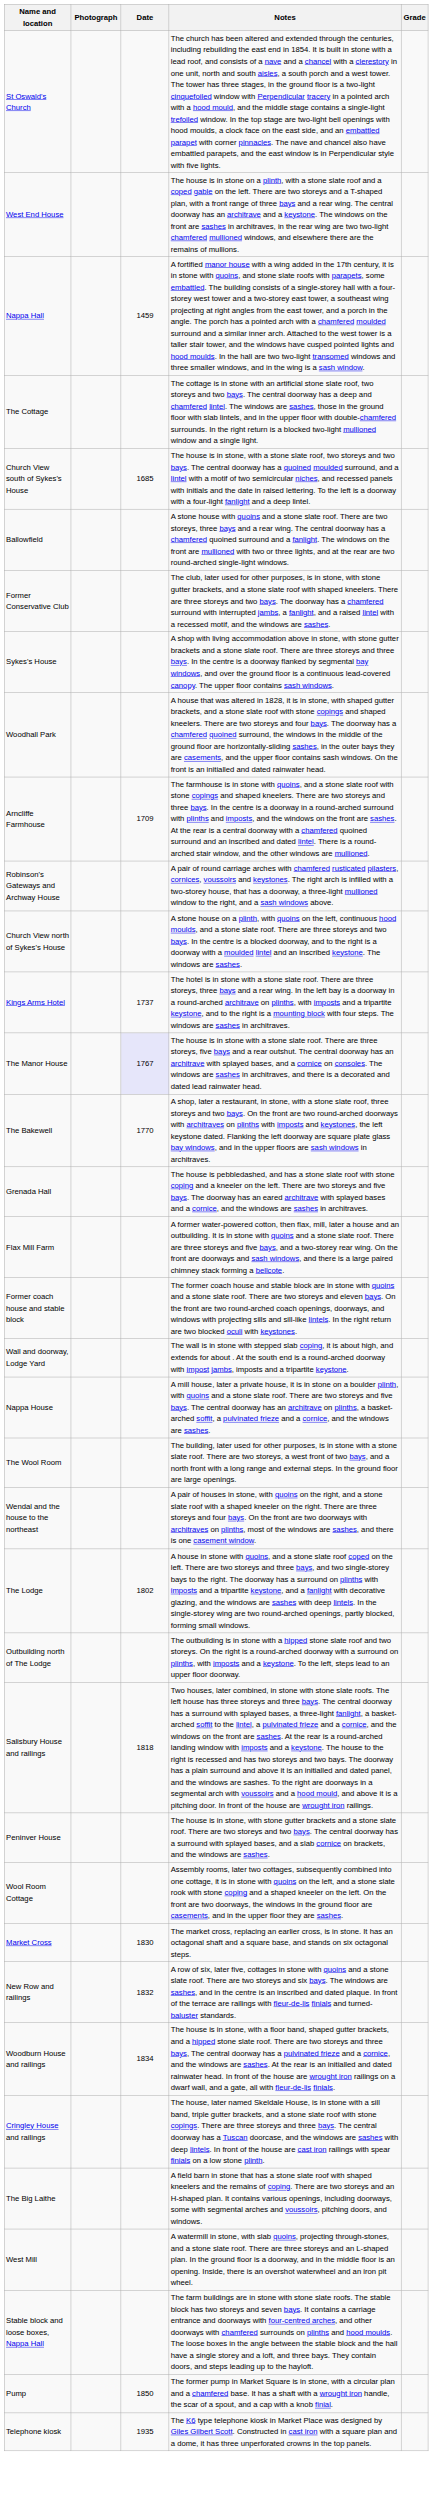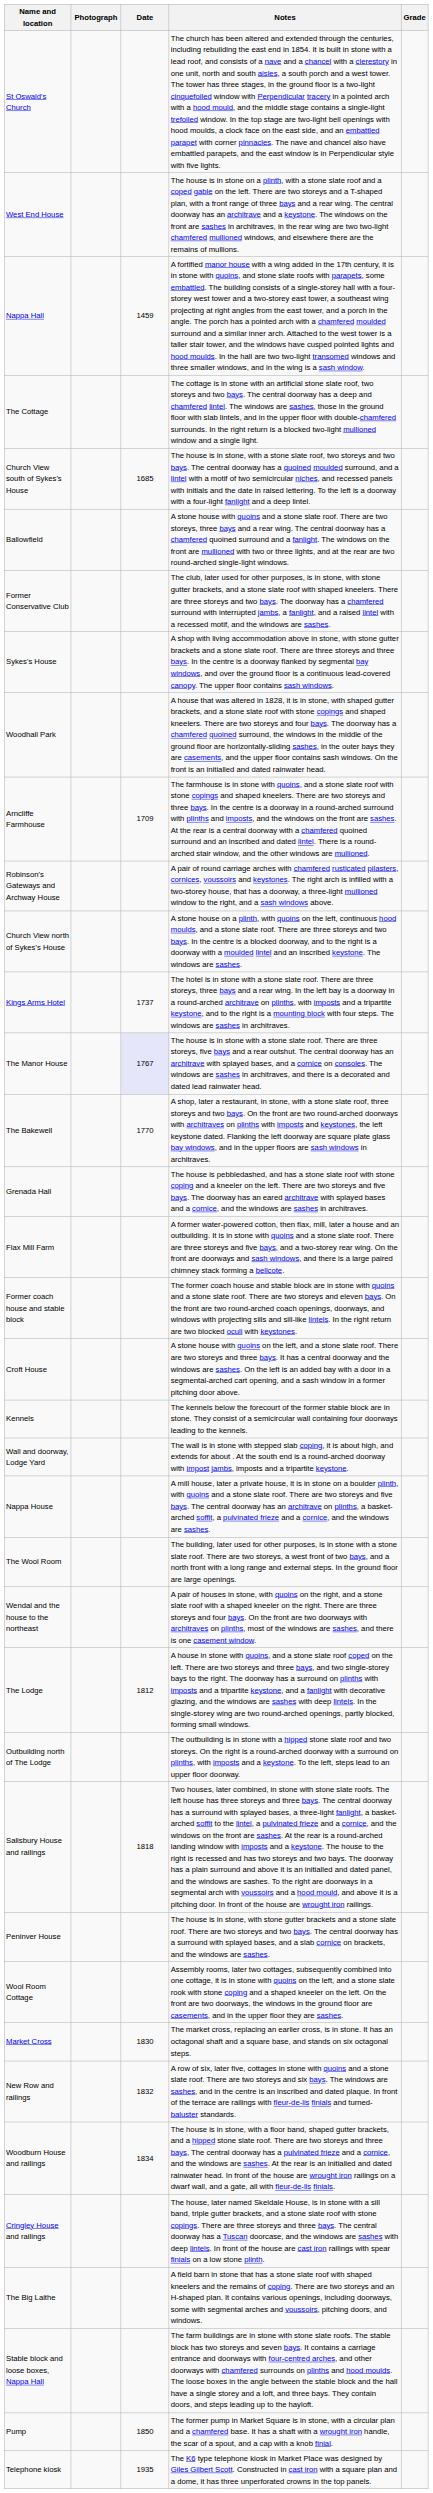 <table class="wikitable sortable plainrowheaders" style="width:100%; border:0px; text-align:left; line-height:150%">
 <tr>
 <th scope="col"  style="width:150px">Name and location</th>
 <th scope="col"  style="width:100px" class="unsortable">Photograph</th>
 <th scope="col"  style="width:120px">Date</th>
 <th scope="col"  style="width:650px" class="unsortable">Notes</th>
 <th scope="col"  style="width:50px">Grade</th>
 </tr>
 <tr>
 <td><a href='#'>St Oswald's Church</a><br><small></small></td>
 <td></td>
 <td align="center"></td>
 <td>The church has been altered and extended through the centuries, including rebuilding the east end in 1854.  It is built in stone with a lead roof, and consists of a <a href='#'>nave</a> and a <a href='#'>chancel</a> with a <a href='#'>clerestory</a> in one unit, north and south <a href='#'>aisles</a>, a south porch and a west tower.  The tower has three stages, in the ground floor is a two-light <a href='#'>cinquefoiled</a> window with <a href='#'>Perpendicular</a> <a href='#'>tracery</a> in a pointed arch with a <a href='#'>hood mould</a>, and the middle stage contains a single-light <a href='#'>trefoiled</a> window. In the top stage are two-light bell openings with hood moulds, a clock face on the east side, and an <a href='#'>embattled</a> <a href='#'>parapet</a> with corner <a href='#'>pinnacles</a>.  The nave and chancel also have embattled parapets, and the east window is in Perpendicular style with five lights.</td>
 <td align="center" ></td>
 </tr>
 <tr>
 <td><a href='#'>West End House</a><br><small></small></td>
 <td></td>
 <td align="center"></td>
 <td>The house is in stone on a <a href='#'>plinth</a>, with a stone slate roof and a <a href='#'>coped</a> <a href='#'>gable</a> on the left.  There are two storeys and a T-shaped plan, with a front range of three <a href='#'>bays</a> and a rear wing.  The central doorway has an <a href='#'>architrave</a> and a <a href='#'>keystone</a>.  The windows on the front are <a href='#'>sashes</a> in architraves, in the rear wing are two two-light <a href='#'>chamfered</a> <a href='#'>mullioned</a> windows, and elsewhere there are the remains of mullions.</td>
 <td align="center" ></td>
 </tr>
 <tr>
 <td><a href='#'>Nappa Hall</a><br><small></small></td>
 <td></td>
 <td align="center">1459</td>
 <td>A fortified <a href='#'>manor house</a> with a wing added in the  17th century, it is in stone with <a href='#'>quoins</a>, and stone slate roofs with <a href='#'>parapets</a>, some <a href='#'>embattled</a>.  The building consists of a single-storey hall with a four-storey west tower and a two-storey east tower, a southeast wing projecting at right angles from the east tower, and a porch in the angle.  The porch has a pointed arch with a <a href='#'>chamfered</a> <a href='#'>moulded</a> surround and a similar inner arch.  Attached to the west tower is a taller stair tower, and the windows have cusped pointed lights and <a href='#'>hood moulds</a>.  In the hall are two two-light <a href='#'>transomed</a> windows and three smaller windows, and in the wing is a <a href='#'>sash window</a>.</td>
 <td align="center" ></td>
 </tr>
 <tr>
 <td>The Cottage<br><small></small></td>
 <td></td>
 <td align="center"></td>
 <td>The cottage is in stone with an artificial stone slate roof, two storeys and two <a href='#'>bays</a>.  The central doorway has a deep and <a href='#'>chamfered</a> <a href='#'>lintel</a>.  The windows are <a href='#'>sashes</a>, those in the ground floor with slab lintels, and in the upper floor with double-<a href='#'>chamfered</a> surrounds.  In the right return is a blocked two-light <a href='#'>mullioned</a> window and a single light.</td>
 <td align="center" ></td>
 </tr>
 <tr>
 <td>Church View south of Sykes's House<br><small></small></td>
 <td></td>
 <td align="center">1685</td>
 <td>The house is in stone, with a stone slate roof, two storeys and two <a href='#'>bays</a>.  The central doorway has a <a href='#'>quoined</a> <a href='#'>moulded</a> surround, and a <a href='#'>lintel</a> with a motif of two semicircular <a href='#'>niches</a>, and recessed panels with initials and the date in raised lettering.  To the left is a doorway with a four-light <a href='#'>fanlight</a> and a deep lintel.</td>
 <td align="center" ></td>
 </tr>
 <tr>
 <td>Ballowfield<br><small></small></td>
 <td></td>
 <td align="center"></td>
 <td>A stone house with <a href='#'>quoins</a> and a stone slate roof.  There are two storeys, three <a href='#'>bays</a> and a rear wing.  The central doorway has a <a href='#'>chamfered</a> quoined surround and a <a href='#'>fanlight</a>.  The windows on the front are <a href='#'>mullioned</a> with two or three lights, and at the rear are two round-arched single-light windows.</td>
 <td align="center" ></td>
 </tr>
 <tr>
 <td>Former Conservative Club<br><small></small></td>
 <td></td>
 <td align="center"></td>
 <td>The club, later used for other purposes, is in stone, with stone gutter brackets, and a stone slate roof with shaped kneelers.  There are three storeys and two <a href='#'>bays</a>.  The doorway has a <a href='#'>chamfered</a> surround with interrupted <a href='#'>jambs</a>, a <a href='#'>fanlight</a>, and a raised <a href='#'>lintel</a> with a recessed motif, and the windows are <a href='#'>sashes</a>.</td>
 <td align="center" ></td>
 </tr>
 <tr>
 <td>Sykes's House<br><small></small></td>
 <td></td>
 <td align="center"></td>
 <td>A shop with living accommodation above in stone, with stone gutter brackets and a stone slate roof.  There are three storeys and three <a href='#'>bays</a>.  In the centre is a doorway flanked by segmental <a href='#'>bay windows</a>, and over the ground floor is a continuous lead-covered <a href='#'>canopy</a>.  The upper floor contains <a href='#'>sash windows</a>.</td>
 <td align="center" ></td>
 </tr>
 <tr>
 <td>Woodhall Park<br><small></small></td>
 <td></td>
 <td align="center"></td>
 <td>A house that was altered in 1828, it is in stone, with shaped gutter brackets, and a stone slate roof with stone <a href='#'>copings</a> and shaped kneelers.  There are two storeys and four <a href='#'>bays</a>.  The doorway has a <a href='#'>chamfered</a> <a href='#'>quoined</a> surround, the windows in the middle of the ground floor are horizontally-sliding <a href='#'>sashes</a>, in the outer bays they are <a href='#'>casements</a>, and the upper floor contains sash windows.  On the front is an initialled and dated rainwater head.</td>
 <td align="center" ></td>
 </tr>
 <tr>
 <td>Arncliffe Farmhouse<br><small></small></td>
 <td></td>
 <td align="center">1709</td>
 <td>The farmhouse is in stone with <a href='#'>quoins</a>, and a stone slate roof with stone <a href='#'>copings</a> and shaped kneelers.  There are two storeys and three <a href='#'>bays</a>.  In the centre is a doorway in a round-arched surround with <a href='#'>plinths</a> and <a href='#'>imposts</a>, and the windows on the front are <a href='#'>sashes</a>.  At the rear is a central doorway with a <a href='#'>chamfered</a> quoined surround and an inscribed and dated <a href='#'>lintel</a>.  There is a round-arched stair window, and the other windows are <a href='#'>mullioned</a>.</td>
 <td align="center" ></td>
 </tr>
 <tr>
 <td>Robinson's Gateways and Archway House<br><small></small></td>
 <td></td>
 <td align="center"></td>
 <td>A pair of round carriage arches with <a href='#'>chamfered</a> <a href='#'>rusticated</a> <a href='#'>pilasters</a>, <a href='#'>cornices</a>, <a href='#'>voussoirs</a> and <a href='#'>keystones</a>.  The right arch is infilled with a two-storey house, that has a doorway, a three-light <a href='#'>mullioned</a> window to the right, and a <a href='#'>sash windows</a> above.</td>
 <td align="center" ></td>
 </tr>
 <tr>
 <td>Church View north of Sykes's House<br><small></small></td>
 <td></td>
 <td align="center"></td>
 <td>A stone house on a <a href='#'>plinth</a>, with <a href='#'>quoins</a> on the left, continuous <a href='#'>hood moulds</a>, and a stone slate roof.  There are three storeys and two <a href='#'>bays</a>.  In the centre is a blocked doorway, and to the right is a doorway with a <a href='#'>moulded</a> <a href='#'>lintel</a> and an inscribed <a href='#'>keystone</a>.  The windows are <a href='#'>sashes</a>.</td>
 <td align="center" ></td>
 </tr>
 <tr>
 <td><a href='#'>Kings Arms Hotel</a><br><small></small></td>
 <td></td>
 <td align="center">1737</td>
 <td>The hotel is in stone with a stone slate roof.  There are three storeys, three <a href='#'>bays</a> and a rear wing.  In the left bay is a doorway in a round-arched <a href='#'>architrave</a> on <a href='#'>plinths</a>, with <a href='#'>imposts</a> and a tripartite <a href='#'>keystone</a>, and to the right is a <a href='#'>mounting block</a> with four steps.  The windows are <a href='#'>sashes</a> in architraves.</td>
 <td align="center" ></td>
 </tr>
 <tr>
 <td>The Manor House<br><small></small></td>
 <td></td>
 <td align="center" style="background: lavender;">1767</td>
 <td>The house is in stone with a stone slate roof.  There are three storeys, five <a href='#'>bays</a> and a rear outshut.  The central doorway has an <a href='#'>architrave</a> with splayed bases, and a <a href='#'>cornice</a> on <a href='#'>consoles</a>.  The windows are <a href='#'>sashes</a> in architraves, and there is a decorated and dated lead rainwater head.</td>
 <td align="center" ></td>
 </tr>
 <tr>
 <td>The Bakewell<br><small></small></td>
 <td></td>
 <td align="center">1770</td>
 <td>A shop, later a restaurant, in stone, with a stone slate roof, three storeys and two <a href='#'>bays</a>.  On the front are two round-arched doorways with <a href='#'>architraves</a> on <a href='#'>plinths</a> with <a href='#'>imposts</a> and <a href='#'>keystones</a>, the left keystone dated.  Flanking the left doorway are square plate glass <a href='#'>bay windows</a>, and in the upper floors are <a href='#'>sash windows</a> in architraves.</td>
 <td align="center" ></td>
 </tr>
 <tr>
 <td>Grenada Hall<br><small></small></td>
 <td></td>
 <td align="center"></td>
 <td>The house is pebbledashed, and has a stone slate roof with stone <a href='#'>coping</a> and a kneeler on the left.  There are two storeys and five <a href='#'>bays</a>.  The doorway has an eared <a href='#'>architrave</a> with splayed bases and a <a href='#'>cornice</a>, and the windows are <a href='#'>sashes</a> in architraves.</td>
 <td align="center" ></td>
 </tr>
 <tr>
 <td>Flax Mill Farm<br><small></small></td>
 <td></td>
 <td align="center"></td>
 <td>A former water-powered cotton, then flax, mill, later a house and an outbuilding.  It is in stone with <a href='#'>quoins</a> and a stone slate roof.  There are three storeys and five <a href='#'>bays</a>, and a two-storey rear wing.  On the front are doorways and <a href='#'>sash windows</a>, and there is a large paired chimney stack forming a <a href='#'>bellcote</a>.</td>
 <td align="center" ></td>
 </tr>
 <tr>
 <td>Former coach house and stable block<br><small></small></td>
 <td></td>
 <td align="center"></td>
 <td>The former coach house and stable block are in stone with <a href='#'>quoins</a> and a stone slate roof.  There are two storeys and eleven <a href='#'>bays</a>.  On the front are two round-arched coach openings, doorways, and windows with projecting sills and sill-like <a href='#'>lintels</a>.  In the right return are two blocked <a href='#'>oculi</a> with <a href='#'>keystones</a>.</td>
 <td align="center" ></td>
 </tr>
 <tr>
+<td>Croft House<br><small></small></td>
+<td></td>
+<td align="center"></td>
+<td>A stone house with <a href='#'>quoins</a> on the left, and a stone slate roof.  There are two storeys and three <a href='#'>bays</a>.  It has a central doorway and the windows are <a href='#'>sashes</a>.  On the left is an added bay with a door in a segmental-arched cart opening, and a sash window in a former pitching door above.</td>
+<td align="center" ></td>
+</tr>
+<tr>
+<td>Kennels<br><small></small></td>
+<td></td>
+<td align="center"></td>
+<td>The kennels below the forecourt of the former stable block are in stone.  They consist of a semicircular wall containing four doorways leading to the kennels.</td>
+<td align="center" ></td>
+</tr>
+<tr>
 <td>Wall and doorway, Lodge Yard<br><small></small></td>
 <td></td>
 <td align="center"></td>
 <td>The wall is in stone with stepped slab <a href='#'>coping</a>, it is about  high, and extends for about .  At the south end is a round-arched doorway with <a href='#'>impost</a> <a href='#'>jambs</a>, imposts and a tripartite <a href='#'>keystone</a>.</td>
 <td align="center" ></td>
 </tr>
 <tr>
 <td>Nappa House<br><small></small></td>
 <td></td>
 <td align="center"></td>
 <td>A mill house, later a private house, it is in stone on a boulder <a href='#'>plinth</a>, with <a href='#'>quoins</a> and a stone slate roof.  There are two storeys and five <a href='#'>bays</a>.  The central doorway has an <a href='#'>architrave</a> on <a href='#'>plinths</a>, a basket-arched <a href='#'>soffit</a>, a <a href='#'>pulvinated frieze</a> and a <a href='#'>cornice</a>, and the windows are <a href='#'>sashes</a>.</td>
 <td align="center" ></td>
 </tr>
 <tr>
 <td>The Wool Room<br><small></small></td>
 <td></td>
 <td align="center"></td>
 <td>The building, later used for other purposes, is in stone with a stone slate roof.  There are two storeys, a west front of two <a href='#'>bays</a>, and a north front with a long range and external steps.  In the ground floor are large openings.</td>
 <td align="center" ></td>
 </tr>
 <tr>
 <td>Wendal and the house to the northeast<br><small></small></td>
 <td></td>
 <td align="center"></td>
 <td>A pair of houses in stone, with <a href='#'>quoins</a> on the right, and a stone slate roof with a shaped kneeler on the right.  There are three storeys and four <a href='#'>bays</a>.  On the front are two doorways with <a href='#'>architraves</a> on <a href='#'>plinths</a>, most of the windows are <a href='#'>sashes</a>, and there is one <a href='#'>casement window</a>.</td>
 <td align="center" ></td>
 </tr>
 <tr>
 <td>The Lodge<br><small></small></td>
 <td></td>
-<td align="center">1802</td>
+<td align="center">1812</td>
 <td>A house in stone with <a href='#'>quoins</a>, and a stone slate roof <a href='#'>coped</a> on the left.  There are two storeys and three <a href='#'>bays</a>, and two single-storey bays to the right.  The doorway has a surround on <a href='#'>plinths</a> with <a href='#'>imposts</a> and a tripartite <a href='#'>keystone</a>, and a <a href='#'>fanlight</a> with decorative glazing, and the windows are <a href='#'>sashes</a> with deep <a href='#'>lintels</a>.  In the single-storey wing are two round-arched openings, partly blocked, forming small windows.</td>
 <td align="center" ></td>
 </tr>
 <tr>
 <td>Outbuilding north of The Lodge<br><small></small></td>
 <td></td>
 <td align="center"></td>
 <td>The outbuilding is in stone with a <a href='#'>hipped</a> stone slate roof and two storeys.  On the right is a round-arched doorway with a surround on <a href='#'>plinths</a>, with <a href='#'>imposts</a> and a <a href='#'>keystone</a>.  To the left, steps lead to an upper floor doorway.</td>
 <td align="center" ></td>
 </tr>
 <tr>
 <td>Salisbury House and railings<br><small></small></td>
 <td></td>
 <td align="center">1818</td>
 <td>Two houses, later combined, in stone with stone slate roofs.  The left house has three storeys and three <a href='#'>bays</a>.  The central doorway has a surround with splayed bases, a three-light <a href='#'>fanlight</a>, a basket-arched <a href='#'>soffit</a> to the <a href='#'>lintel</a>, a <a href='#'>pulvinated frieze</a> and a <a href='#'>cornice</a>, and the windows on the front are <a href='#'>sashes</a>.  At the rear is a round-arched landing window with <a href='#'>imposts</a> and a <a href='#'>keystone</a>.  The house to the right is recessed and has two storeys and two bays.  The doorway has a plain surround and above it is an initialled and dated panel, and the windows are sashes.  To the right are doorways in a segmental arch with <a href='#'>voussoirs</a> and a <a href='#'>hood mould</a>, and above it is a pitching door.  In front of the house are <a href='#'>wrought iron</a> railings.</td>
 <td align="center" ></td>
 </tr>
 <tr>
 <td>Peninver House<br><small></small></td>
 <td></td>
 <td align="center"></td>
 <td>The house is in stone, with stone gutter brackets and a stone slate roof.  There are two storeys and two <a href='#'>bays</a>.  The central doorway has a surround with splayed bases, and a slab <a href='#'>cornice</a> on brackets, and the windows are <a href='#'>sashes</a>.</td>
 <td align="center" ></td>
 </tr>
 <tr>
 <td>Wool Room Cottage<br><small></small></td>
 <td></td>
 <td align="center"></td>
 <td>Assembly rooms, later two cottages, subsequently combined into one cottage, it is in stone with <a href='#'>quoins</a> on the left, and a stone slate rook with stone <a href='#'>coping</a> and a shaped kneeler on the left.    On the front are two doorways, the windows in the ground floor are <a href='#'>casements</a>, and in the upper floor they are <a href='#'>sashes</a>.</td>
 <td align="center" ></td>
 </tr>
 <tr>
 <td><a href='#'>Market Cross</a><br><small></small></td>
 <td></td>
 <td align="center">1830</td>
 <td>The market cross, replacing an earlier cross, is in stone.  It has an octagonal shaft and a square base, and stands on six octagonal steps.</td>
 <td align="center" ></td>
 </tr>
 <tr>
 <td>New Row and railings<br><small></small></td>
 <td></td>
 <td align="center">1832</td>
 <td>A row of six, later five, cottages in stone with <a href='#'>quoins</a> and a stone slate roof.  There are two storeys and six <a href='#'>bays</a>.  The windows are <a href='#'>sashes</a>, and in the centre is an inscribed and dated plaque.  In front of the terrace are railings with <a href='#'>fleur-de-lis</a> <a href='#'>finials</a> and turned-<a href='#'>baluster</a> standards.</td>
 <td align="center" ></td>
 </tr>
 <tr>
 <td>Woodburn House and railings<br><small></small></td>
 <td></td>
 <td align="center">1834</td>
 <td>The house is in stone, with a floor band, shaped gutter brackets, and a <a href='#'>hipped</a> stone slate roof.  There are two storeys and three <a href='#'>bays</a>,  The central doorway has a <a href='#'>pulvinated frieze</a> and a <a href='#'>cornice</a>, and the windows are <a href='#'>sashes</a>.  At the rear is an initialled and dated rainwater head.  In front of the house are <a href='#'>wrought iron</a> railings on a dwarf wall, and a gate, all with <a href='#'>fleur-de-lis</a> <a href='#'>finials</a>.</td>
 <td align="center" ></td>
 </tr>
 <tr>
 <td><a href='#'>Cringley House</a> and railings<br><small></small></td>
 <td></td>
 <td align="center"></td>
 <td>The house, later named Skeldale House, is in stone with a sill band, triple gutter brackets, and a stone slate roof with stone <a href='#'>copings</a>.  There are three storeys and three <a href='#'>bays</a>.  The central doorway has a <a href='#'>Tuscan</a> doorcase, and the windows are <a href='#'>sashes</a> with deep <a href='#'>lintels</a>.  In front of the house are <a href='#'>cast iron</a> railings with spear <a href='#'>finials</a> on a low stone <a href='#'>plinth</a>.</td>
 <td align="center" ></td>
 </tr>
 <tr>
 <td>The Big Laithe<br><small></small></td>
 <td></td>
 <td align="center"></td>
 <td>A field barn in stone that has a stone slate roof with shaped kneelers and the remains of <a href='#'>coping</a>.  There are two storeys and an H-shaped plan.  It contains various openings, including doorways, some with segmental arches and <a href='#'>voussoirs</a>, pitching doors, and windows.</td>
 <td align="center" ></td>
 </tr>
 <tr>
-<td>West Mill<br><small></small></td>
-<td></td>
-<td align="center"></td>
-<td>A watermill in stone, with slab <a href='#'>quoins</a>, projecting through-stones, and a stone slate roof.  There are three storeys and an L-shaped plan.  In the ground floor is a doorway, and in the middle floor is an opening.  Inside, there is an overshot waterwheel and an iron pit wheel.</td>
-<td align="center" ></td>
-</tr>
-<tr>
 <td>Stable block and loose boxes,<br><a href='#'>Nappa Hall</a><br><small></small></td>
 <td></td>
 <td align="center"></td>
 <td>The farm buildings are in stone with stone slate roofs.  The stable block has two storeys and seven <a href='#'>bays</a>.  It contains a carriage entrance and doorways with <a href='#'>four-centred arches</a>, and other doorways with <a href='#'>chamfered</a> surrounds on <a href='#'>plinths</a> and <a href='#'>hood moulds</a>.  The loose boxes in the angle between the stable block and the hall have a single storey and a loft, and three bays.  They contain doors, and steps leading up to the hayloft.</td>
 <td align="center" ></td>
 </tr>
 <tr>
 <td>Pump<br><small></small></td>
 <td></td>
 <td align="center">1850</td>
 <td>The former pump in Market Square is in stone, with a circular plan and a <a href='#'>chamfered</a> base.  It has a shaft with a <a href='#'>wrought iron</a> handle, the scar of a spout, and a cap with a knob <a href='#'>finial</a>.</td>
 <td align="center" ></td>
 </tr>
 <tr>
 <td>Telephone kiosk<br><small></small></td>
 <td></td>
 <td align="center">1935</td>
 <td>The <a href='#'>K6</a> type telephone kiosk in Market Place was designed by <a href='#'>Giles Gilbert Scott</a>.  Constructed in <a href='#'>cast iron</a> with a square plan and a dome, it has three unperforated crowns in the top panels.</td>
 <td align="center" ></td>
 </tr>
 <tr>
 </tr>
 </table>
